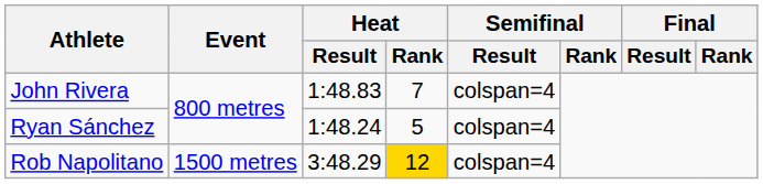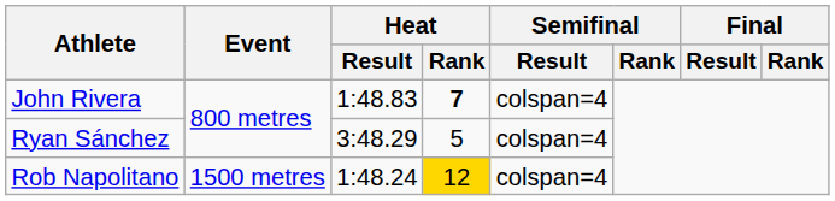 <table class="wikitable" style="font-size:90%">
 <tr>
 <th rowspan="2">Athlete</th>
 <th rowspan="2">Event</th>
 <th colspan="2">Heat</th>
 <th colspan="2">Semifinal</th>
 <th colspan="2">Final</th>
 </tr>
 <tr style="font-size:95%">
 <th>Result</th>
 <th>Rank</th>
 <th>Result</th>
 <th>Rank</th>
 <th>Result</th>
 <th>Rank</th>
 </tr>
 <tr align=center>
 <td align=left><a href='#'>John Rivera</a></td>
 <td align=left rowspan=2><a href='#'>800 metres</a></td>
 <td>1:48.83</td>
-<td>7</td>
+<td><strong>7</strong></td>
 <td>colspan=4 </td>
 </tr>
 <tr align=center>
 <td align=left><a href='#'>Ryan Sánchez</a></td>
-<td>1:48.24</td>
+<td>3:48.29</td>
 <td>5</td>
 <td>colspan=4 </td>
 </tr>
 <tr align=center>
 <td align=left><a href='#'>Rob Napolitano</a></td>
 <td align=left><a href='#'>1500 metres</a></td>
-<td>3:48.29</td>
+<td>1:48.24</td>
 <td style="background: gold;">12</td>
 <td>colspan=4 </td>
 </tr>
 </table>
